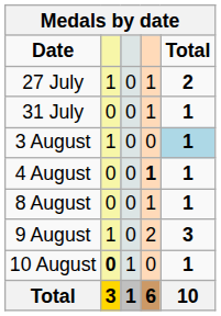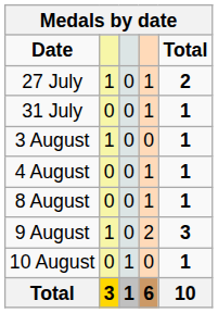 <table class="wikitable" style="font-size:85%">
 <tr bgcolor="#efefef">
 <th colspan=6>Medals by date</th>
 </tr>
 <tr align=center>
 <td><strong>Date</strong></td>
 <td bgcolor=#f7f6a8></td>
 <td bgcolor=#dce5e5></td>
 <td bgcolor=#ffdab9></td>
 <td><strong>Total</strong></td>
 </tr>
 <tr align=center>
 <td>27 July</td>
 <td style="background:#F7F6A8;">1</td>
 <td style="background:#DCE5E5;">0</td>
 <td style="background:#FFDAB9;">1</td>
 <td><strong>2</strong></td>
 </tr>
 <tr align=center>
 <td>31 July</td>
 <td style="background:#F7F6A8;">0</td>
 <td style="background:#DCE5E5;">0</td>
 <td style="background:#FFDAB9;">1</td>
 <td><strong>1</strong></td>
 </tr>
 <tr align=center>
 <td>3 August</td>
 <td style="background:#F7F6A8;">1</td>
 <td style="background:#DCE5E5;">0</td>
 <td style="background:#FFDAB9;">0</td>
-<td style="background: lightblue;"><strong>1</strong></td>
+<td><strong>1</strong></td>
 </tr>
 <tr align=center>
 <td>4 August</td>
 <td style="background:#F7F6A8;">0</td>
 <td style="background:#DCE5E5;">0</td>
-<td style="background:#FFDAB9;"><strong>1</strong></td>
+<td style="background:#FFDAB9;">1</td>
 <td><strong>1</strong></td>
 </tr>
 <tr align=center>
 <td>8 August</td>
 <td style="background:#F7F6A8;">0</td>
 <td style="background:#DCE5E5;">0</td>
 <td style="background:#FFDAB9;">1</td>
 <td><strong>1</strong></td>
 </tr>
 <tr align=center>
 <td>9 August</td>
 <td style="background:#F7F6A8;">1</td>
 <td style="background:#DCE5E5;">0</td>
 <td style="background:#FFDAB9;">2</td>
 <td><strong>3</strong></td>
 </tr>
 <tr align=center>
 <td>10 August</td>
-<td style="background:#F7F6A8;"><strong>0</strong></td>
+<td style="background:#F7F6A8;">0</td>
 <td style="background:#DCE5E5;">1</td>
 <td style="background:#FFDAB9;">0</td>
 <td><strong>1</strong></td>
 </tr>
 <tr align=center>
 <th><strong>Total</strong></th>
 <th style="background:gold;"><strong>3</strong></th>
 <th style="background:silver;"><strong>1</strong></th>
 <th style="background:#c96;"><strong>6</strong></th>
 <th>10</th>
 </tr>
 </table>
